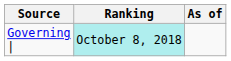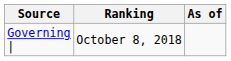 <table class="wikitable" style="text-align:center">
 <tr>
 <th>Source</th>
 <th>Ranking</th>
 <th>As of</th>
 </tr>
 <tr>
 <td align=left><a href='#'>Governing</a><br>| </td>
-<td style="background: paleturquoise;">October 8, 2018</td>
+<td>October 8, 2018</td>
 </tr>
 </table>
